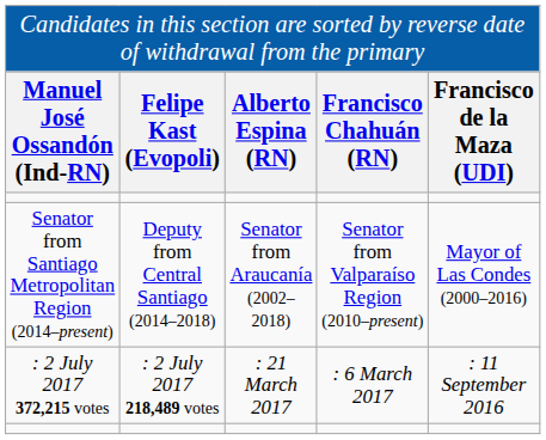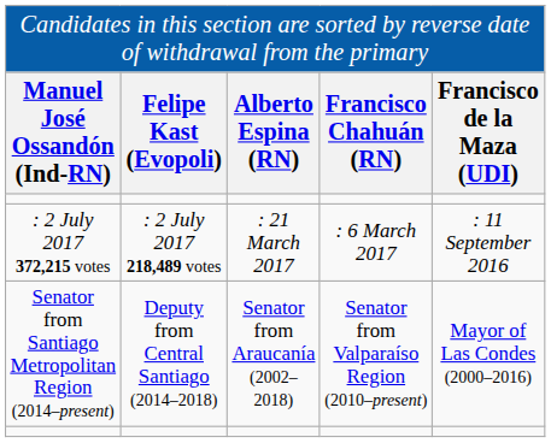 <table class="wikitable">
 <tr>
 <td colspan="5" style="text-align:center; font-size:120%; color:white; background:#065DA8;"><em>Candidates in this section are sorted by reverse date of withdrawal from the primary</em></td>
 </tr>
 <tr>
 <th scope="col" style="width:3em; font-size:120%;"><a href='#'>Manuel José Ossandón</a> (Ind-<a href='#'>RN</a>)</th>
 <th scope="col" style="width:3em; font-size:120%;"><a href='#'>Felipe Kast</a> (<a href='#'>Evopoli</a>)</th>
 <th scope="col" style="width:3em; font-size:120%;"><a href='#'>Alberto Espina</a> (<a href='#'>RN</a>)</th>
 <th scope="col" style="width:3em; font-size:120%;"><a href='#'>Francisco Chahuán</a> (<a href='#'>RN</a>)</th>
 <th scope="col" style="width:3em; font-size:120%;">Francisco de la Maza (<a href='#'>UDI</a>)</th>
 </tr>
 <tr>
 <td></td>
 <td></td>
 <td></td>
 <td></td>
 <td></td>
 </tr>
 <tr style="text-align:center">
+<td><em>: 2 July 2017</em><br><small><strong>372,215</strong> votes</small></td>
+<td><em>: 2 July 2017</em><br><small><strong>218,489</strong> votes</small></td>
+<td><em>: 21 March 2017</em></td>
+<td><em>: 6 March 2017</em></td>
+<td><em>: 11 September 2016</em></td>
+</tr>
+<tr style="text-align:center">
 <td><a href='#'>Senator</a><br>from <a href='#'>Santiago Metropolitan Region</a><br><small>(2014–<em>present</em>)</small></td>
 <td><a href='#'>Deputy</a><br>from <a href='#'>Central Santiago</a><br><small>(2014–2018)</small></td>
 <td><a href='#'>Senator</a><br>from <a href='#'>Araucanía</a><br><small>(2002–2018)</small></td>
 <td><a href='#'>Senator</a><br>from <a href='#'>Valparaíso Region</a><br><small>(2010–<em>present</em>)</small></td>
 <td><a href='#'>Mayor of Las Condes</a><br><small>(2000–2016)</small></td>
-</tr>
-<tr style="text-align:center">
-<td><em>: 2 July 2017</em><br><small><strong>372,215</strong> votes</small></td>
-<td><em>: 2 July 2017</em><br><small><strong>218,489</strong> votes</small></td>
-<td><em>: 21 March 2017</em></td>
-<td><em>: 6 March 2017</em></td>
-<td><em>: 11 September 2016</em></td>
 </tr>
 <tr style="text-align:center">
 <td></td>
 <td></td>
 <td></td>
 <td></td>
 <td></td>
 </tr>
 </table>
